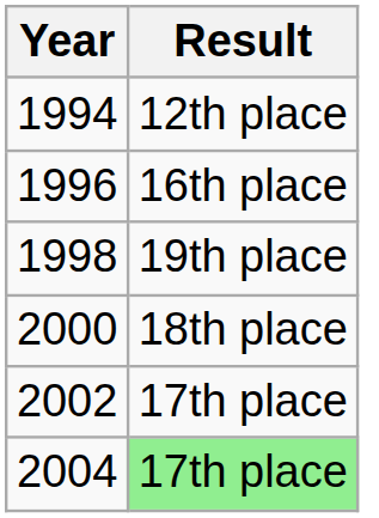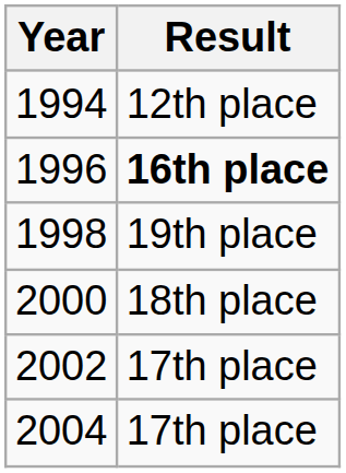 <table class="wikitable">
 <tr>
 <th>Year</th>
 <th>Result</th>
 </tr>
 <tr>
 <td> 1994</td>
 <td>12th place</td>
 </tr>
 <tr>
 <td> 1996</td>
-<td>16th place</td>
+<td><strong>16th place</strong></td>
 </tr>
 <tr>
 <td> 1998</td>
 <td>19th place</td>
 </tr>
 <tr>
 <td> 2000</td>
 <td>18th place</td>
 </tr>
 <tr>
 <td> 2002</td>
 <td>17th place</td>
 </tr>
 <tr>
 <td> 2004</td>
-<td style="background: lightgreen;">17th place</td>
+<td>17th place</td>
 </tr>
 </table>
